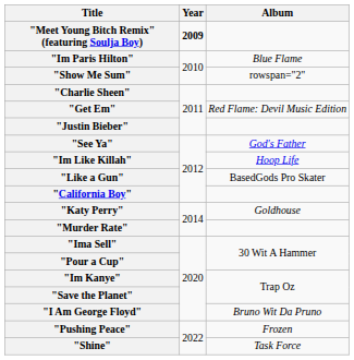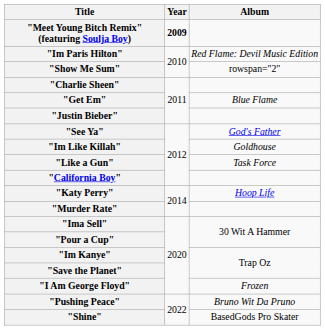 <table class="wikitable plainrowheaders" style="text-align:center;">
 <tr>
 <th scope="col" style="width:16em;">Title</th>
 <th scope="col">Year</th>
 <th scope="col">Album</th>
 </tr>
 <tr>
 <th scope="row">"Meet Young Bitch Remix"<br><span>(featuring <a href='#'>Soulja Boy</a>)</span></th>
 <td><strong>2009</strong></td>
 <td></td>
 </tr>
 <tr>
 <th scope="row">"Im Paris Hilton"</th>
 <td rowspan="2">2010</td>
-<td><em>Blue Flame</em></td>
+<td><em>Red Flame: Devil Music Edition</em></td>
 </tr>
 <tr>
 <th scope="row">"Show Me Sum"</th>
 <td>rowspan="2" </td>
 </tr>
 <tr>
 <th scope="row">"Charlie Sheen"</th>
 <td rowspan="3">2011</td>
 </tr>
 <tr>
 <th scope="row">"Get Em"</th>
-<td><em>Red Flame: Devil Music Edition</em></td>
+<td><em>Blue Flame</em></td>
 </tr>
 <tr>
 <th scope="row">"Justin Bieber"</th>
 <td></td>
 </tr>
 <tr>
 <th scope="row">"See Ya"</th>
 <td rowspan="4">2012</td>
 <td><em><a href='#'>God's Father</a></em></td>
 </tr>
 <tr>
 <th scope="row">"Im Like Killah"</th>
-<td><em><a href='#'>Hoop Life</a></em></td>
+<td><em>Goldhouse</em></td>
 </tr>
 <tr>
 <th scope="row">"Like a Gun"</th>
-<td>BasedGods Pro Skater</td>
+<td><em>Task Force</em></td>
 </tr>
 <tr>
 <th scope="row">"<a href='#'>California Boy</a>"</th>
 <td></td>
 </tr>
 <tr>
 <th scope="row">"Katy Perry"</th>
 <td rowspan="2">2014</td>
-<td><em>Goldhouse</em></td>
+<td><em><a href='#'>Hoop Life</a></em></td>
 </tr>
 <tr>
 <th scope="row">"Murder Rate"</th>
 <td></td>
 </tr>
 <tr>
 <th scope="row">"Ima Sell"</th>
 <td rowspan="5">2020</td>
 <td rowspan="2">30 Wit A Hammer</td>
 </tr>
 <tr>
 <th scope="row">"Pour a Cup"</th>
 </tr>
 <tr>
 <th scope="row">"Im Kanye"</th>
 <td rowspan="2">Trap Oz</td>
 </tr>
 <tr>
 <th scope="row">"Save the Planet"</th>
 </tr>
 <tr>
 <th scope="row">"I Am George Floyd"</th>
-<td><em>Bruno Wit Da Pruno</em></td>
+<td><em>Frozen</em></td>
 </tr>
 <tr>
 <th scope="row">"Pushing Peace"</th>
 <td rowspan="6">2022</td>
-<td><em>Frozen</em></td>
+<td><em>Bruno Wit Da Pruno</em></td>
 </tr>
 <tr>
 <th scope="row">"Shine"</th>
-<td><em>Task Force</em></td>
+<td>BasedGods Pro Skater</td>
 </tr>
 </table>
